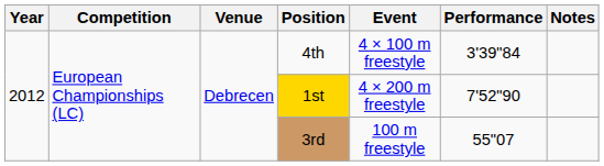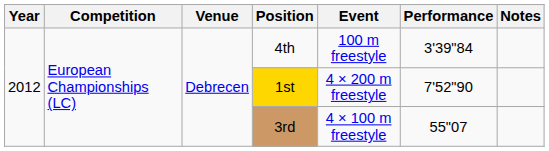 <table class="wikitable" width=60% style="font-size:90%; text-align:center;">
 <tr>
 <th>Year</th>
 <th>Competition</th>
 <th>Venue</th>
 <th>Position</th>
 <th>Event</th>
 <th>Performance</th>
 <th>Notes</th>
 </tr>
 <tr>
 <td rowspan=3>2012</td>
 <td rowspan=3 align=left><a href='#'>European Championships (LC)</a></td>
 <td rowspan=3 align=left> <a href='#'>Debrecen</a></td>
 <td>4th</td>
-<td><a href='#'>4 × 100 m freestyle</a></td>
+<td><a href='#'>100 m freestyle</a></td>
 <td>3'39"84</td>
 <td></td>
 </tr>
 <tr>
 <td bgcolor=gold>1st</td>
 <td><a href='#'>4 × 200 m freestyle</a></td>
 <td>7'52"90</td>
 <td></td>
 </tr>
 <tr>
 <td bgcolor=cc9966>3rd</td>
-<td><a href='#'>100 m freestyle</a></td>
+<td><a href='#'>4 × 100 m freestyle</a></td>
 <td>55"07</td>
 <td></td>
 </tr>
 </table>
